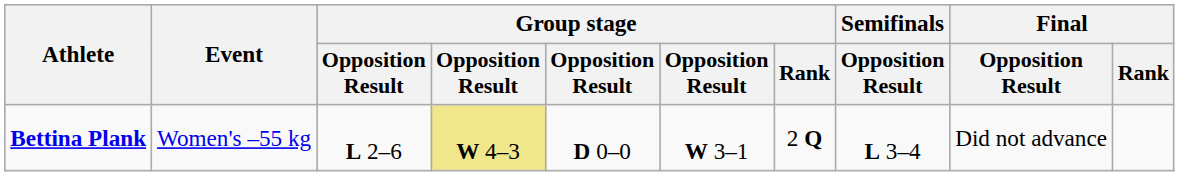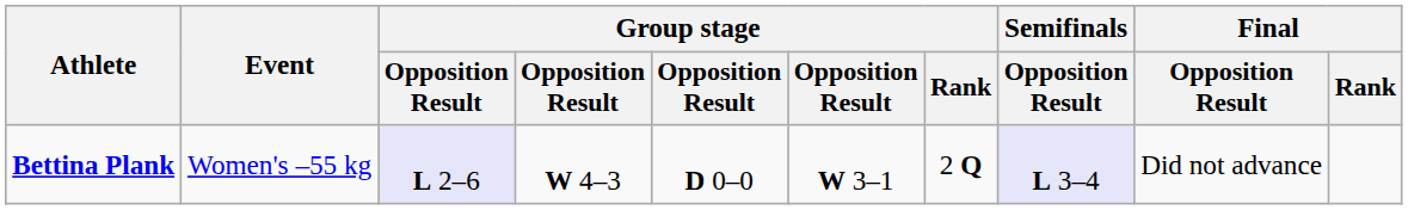 <table class="wikitable" style="font-size:90%;">
 <tr>
 <th rowspan=2>Athlete</th>
 <th rowspan=2>Event</th>
 <th colspan=5>Group stage</th>
 <th>Semifinals</th>
 <th colspan=2>Final</th>
 </tr>
 <tr style="font-size:95%">
 <th>Opposition<br>Result</th>
 <th>Opposition<br>Result</th>
 <th>Opposition<br>Result</th>
 <th>Opposition<br>Result</th>
 <th>Rank</th>
 <th>Opposition<br>Result</th>
 <th>Opposition<br>Result</th>
 <th>Rank</th>
 </tr>
 <tr align=center>
 <td align=left><strong><a href='#'>Bettina Plank</a></strong></td>
 <td align=left><a href='#'>Women's –55 kg</a></td>
-<td><br><strong>L</strong> 2–6</td>
-<td style="background: khaki;"><br><strong>W</strong> 4–3</td>
+<td style="background: lavender;"><br><strong>L</strong> 2–6</td>
+<td><br><strong>W</strong> 4–3</td>
 <td><br><strong>D</strong> 0–0</td>
 <td><br><strong>W</strong> 3–1</td>
 <td>2 <strong>Q</strong></td>
-<td><br><strong>L</strong> 3–4</td>
+<td style="background: lavender;"><br><strong>L</strong> 3–4</td>
 <td>Did not advance</td>
 <td></td>
 </tr>
 </table>
